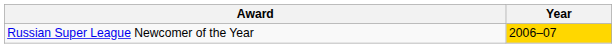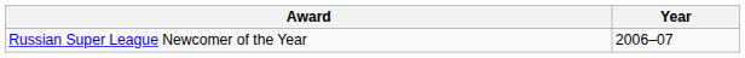 <table class="wikitable" style="width:50em">
 <tr>
 <th>Award</th>
 <th>Year</th>
 </tr>
 <tr>
 <td><a href='#'>Russian Super League</a> Newcomer of the Year</td>
-<td style="background: gold;">2006–07</td>
+<td>2006–07</td>
 </tr>
 </table>
